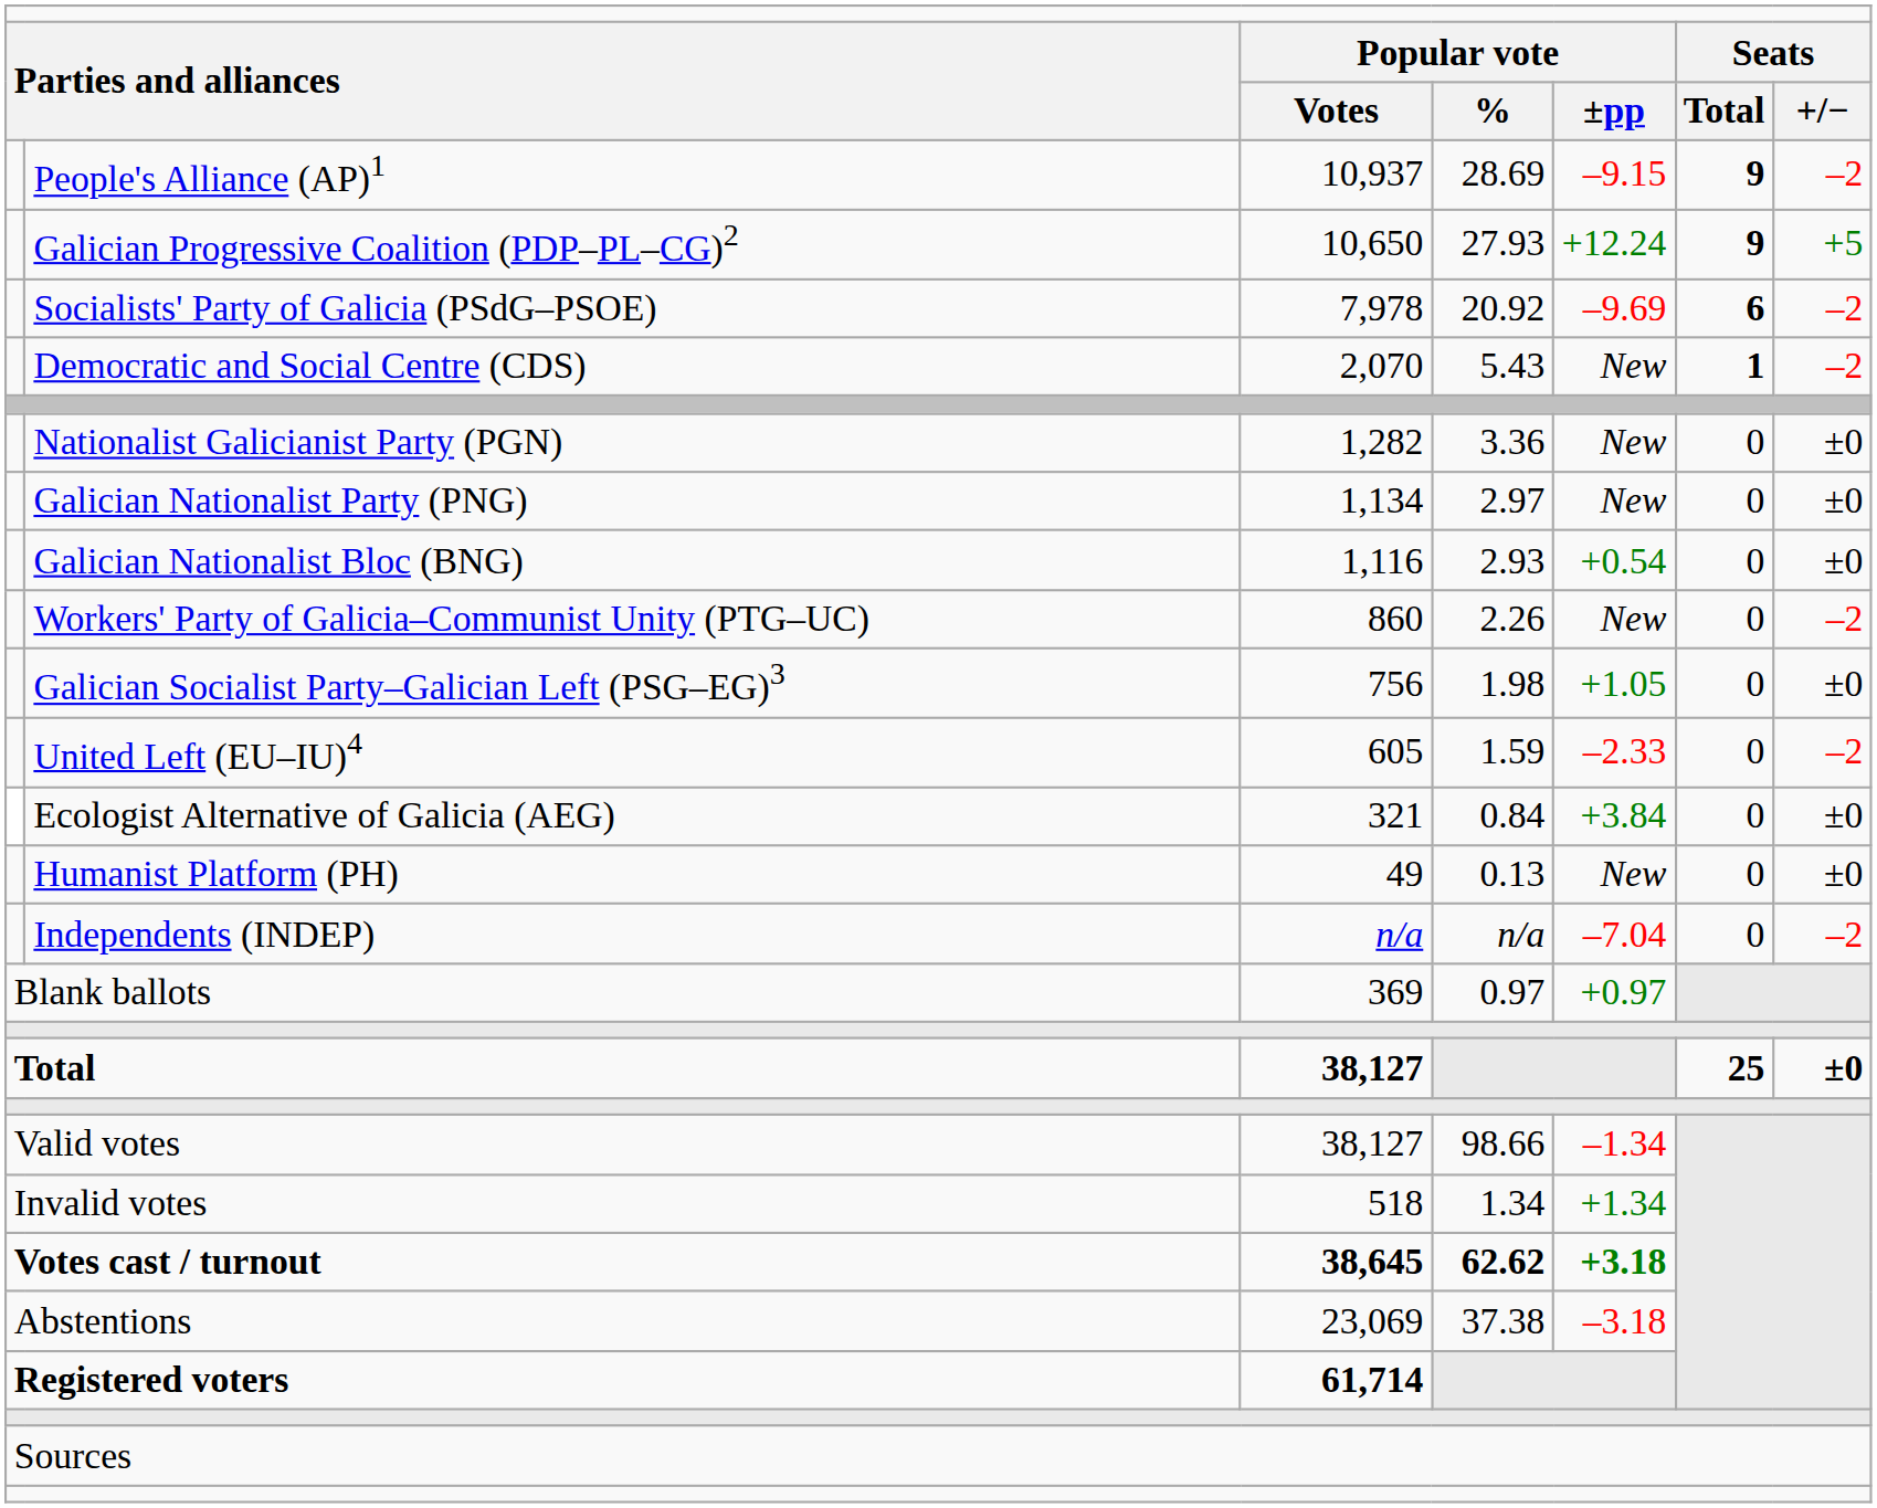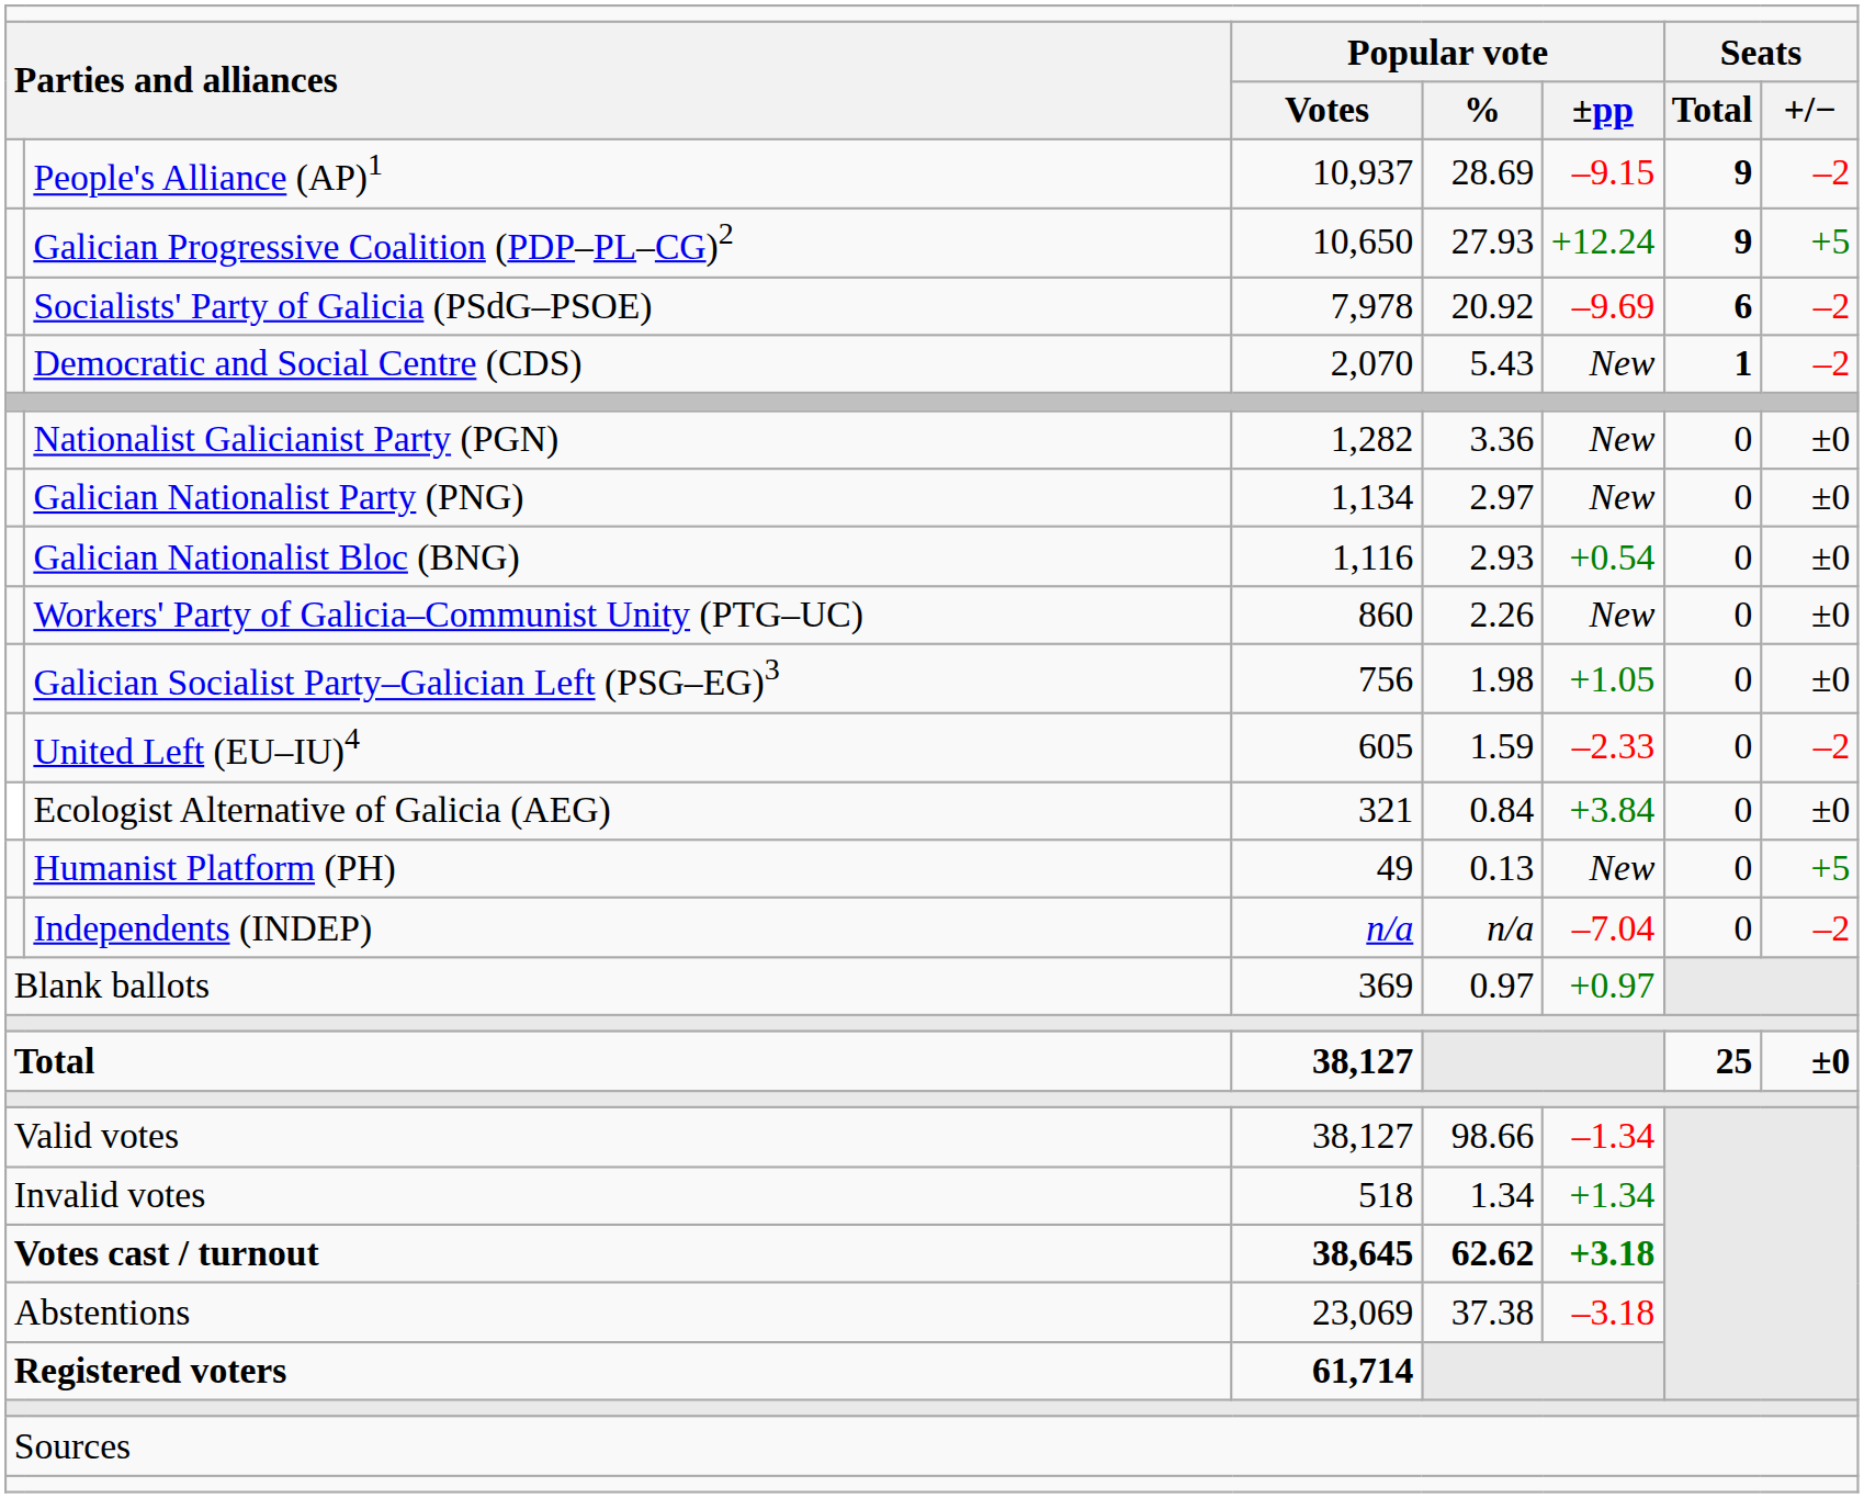 <table class="wikitable" style="text-align:right;">
 <tr>
 <td colspan="7"></td>
 </tr>
 <tr>
 <th style="text-align:left;" rowspan="2" colspan="2" width="525">Parties and alliances</th>
 <th colspan="3">Popular vote</th>
 <th colspan="2">Seats</th>
 </tr>
 <tr>
 <th width="75">Votes</th>
 <th width="45">%</th>
 <th width="45">±<a href='#'>pp</a></th>
 <th width="35">Total</th>
 <th width="35">+/−</th>
 </tr>
 <tr>
 <td width="1" style="color:inherit;background:"></td>
 <td align="left"><a href='#'>People's Alliance</a> (AP)<sup>1</sup></td>
 <td>10,937</td>
 <td>28.69</td>
 <td style="color:red;">–9.15</td>
 <td><strong>9</strong></td>
 <td style="color:red;">–2</td>
 </tr>
 <tr>
 <td style="color:inherit;background:"></td>
 <td align="left"><a href='#'>Galician Progressive Coalition</a> (<a href='#'>PDP</a>–<a href='#'>PL</a>–<a href='#'>CG</a>)<sup>2</sup></td>
 <td>10,650</td>
 <td>27.93</td>
 <td style="color:green;">+12.24</td>
 <td><strong>9</strong></td>
 <td style="color:green;">+5</td>
 </tr>
 <tr>
 <td style="color:inherit;background:"></td>
 <td align="left"><a href='#'>Socialists' Party of Galicia</a> (PSdG–PSOE)</td>
 <td>7,978</td>
 <td>20.92</td>
 <td style="color:red;">–9.69</td>
 <td><strong>6</strong></td>
 <td style="color:red;">–2</td>
 </tr>
 <tr>
 <td style="color:inherit;background:"></td>
 <td align="left"><a href='#'>Democratic and Social Centre</a> (CDS)</td>
 <td>2,070</td>
 <td>5.43</td>
 <td><em>New</em></td>
 <td><strong>1</strong></td>
 <td style="color:red;">–2</td>
 </tr>
 <tr>
 <td colspan="7" style="color:inherit;background:#C0C0C0"></td>
 </tr>
 <tr>
 <td style="color:inherit;background:"></td>
 <td align="left"><a href='#'>Nationalist Galicianist Party</a> (PGN)</td>
 <td>1,282</td>
 <td>3.36</td>
 <td><em>New</em></td>
 <td>0</td>
 <td>±0</td>
 </tr>
 <tr>
 <td style="color:inherit;background:"></td>
 <td align="left"><a href='#'>Galician Nationalist Party</a> (PNG)</td>
 <td>1,134</td>
 <td>2.97</td>
 <td><em>New</em></td>
 <td>0</td>
 <td>±0</td>
 </tr>
 <tr>
 <td style="color:inherit;background:"></td>
 <td align="left"><a href='#'>Galician Nationalist Bloc</a> (BNG)</td>
 <td>1,116</td>
 <td>2.93</td>
 <td style="color:green;">+0.54</td>
 <td>0</td>
 <td>±0</td>
 </tr>
 <tr>
 <td style="color:inherit;background:"></td>
 <td align="left"><a href='#'>Workers' Party of Galicia–Communist Unity</a> (PTG–UC)</td>
 <td>860</td>
 <td>2.26</td>
 <td><em>New</em></td>
 <td>0</td>
-<td style="color:red;">–2</td>
+<td>±0</td>
 </tr>
 <tr>
 <td style="color:inherit;background:"></td>
 <td align="left"><a href='#'>Galician Socialist Party–Galician Left</a> (PSG–EG)<sup>3</sup></td>
 <td>756</td>
 <td>1.98</td>
 <td style="color:green;">+1.05</td>
 <td>0</td>
 <td>±0</td>
 </tr>
 <tr>
 <td style="color:inherit;background:"></td>
 <td align="left"><a href='#'>United Left</a> (EU–IU)<sup>4</sup></td>
 <td>605</td>
 <td>1.59</td>
 <td style="color:red;">–2.33</td>
 <td>0</td>
 <td style="color:red;">–2</td>
 </tr>
 <tr>
 <td bgcolor="white"></td>
 <td align="left">Ecologist Alternative of Galicia (AEG)</td>
 <td>321</td>
 <td>0.84</td>
 <td style="color:green;">+3.84</td>
 <td>0</td>
 <td>±0</td>
 </tr>
 <tr>
 <td style="color:inherit;background:"></td>
 <td align="left"><a href='#'>Humanist Platform</a> (PH)</td>
 <td>49</td>
 <td>0.13</td>
 <td><em>New</em></td>
 <td>0</td>
-<td>±0</td>
+<td style="color:green;">+5</td>
 </tr>
 <tr>
 <td style="color:inherit;background:"></td>
 <td align="left"><a href='#'>Independents</a> (INDEP)</td>
 <td><em><a href='#'>n/a</a></em></td>
 <td><em>n/a</em></td>
 <td style="color:red;">–7.04</td>
 <td>0</td>
 <td style="color:red;">–2</td>
 </tr>
 <tr>
 <td align="left" colspan="2">Blank ballots</td>
 <td>369</td>
 <td>0.97</td>
 <td style="color:green;">+0.97</td>
 <td style="color:inherit;background:#E9E9E9" colspan="2"></td>
 </tr>
 <tr>
 <td colspan="7" style="color:inherit;background:#E9E9E9"></td>
 </tr>
 <tr style="font-weight:bold;">
 <td align="left" colspan="2">Total</td>
 <td>38,127</td>
 <td bgcolor="#E9E9E9" colspan="2"></td>
 <td>25</td>
 <td>±0</td>
 </tr>
 <tr>
 <td colspan="7" style="color:inherit;background:#E9E9E9"></td>
 </tr>
 <tr>
 <td align="left" colspan="2">Valid votes</td>
 <td>38,127</td>
 <td>98.66</td>
 <td style="color:red;">–1.34</td>
 <td bgcolor="#E9E9E9" colspan="2" rowspan="5"></td>
 </tr>
 <tr>
 <td align="left" colspan="2">Invalid votes</td>
 <td>518</td>
 <td>1.34</td>
 <td style="color:green;">+1.34</td>
 </tr>
 <tr style="font-weight:bold;">
 <td align="left" colspan="2">Votes cast / turnout</td>
 <td>38,645</td>
 <td>62.62</td>
 <td style="color:green;">+3.18</td>
 </tr>
 <tr>
 <td align="left" colspan="2">Abstentions</td>
 <td>23,069</td>
 <td>37.38</td>
 <td style="color:red;">–3.18</td>
 </tr>
 <tr style="font-weight:bold;">
 <td align="left" colspan="2">Registered voters</td>
 <td>61,714</td>
 <td bgcolor="#E9E9E9" colspan="2"></td>
 </tr>
 <tr>
 <td colspan="7" style="color:inherit;background:#E9E9E9"></td>
 </tr>
 <tr>
 <td align="left" colspan="7">Sources</td>
 </tr>
 <tr>
 <td colspan="7" style="text-align:left; max-width:790px;"></td>
 </tr>
 </table>
